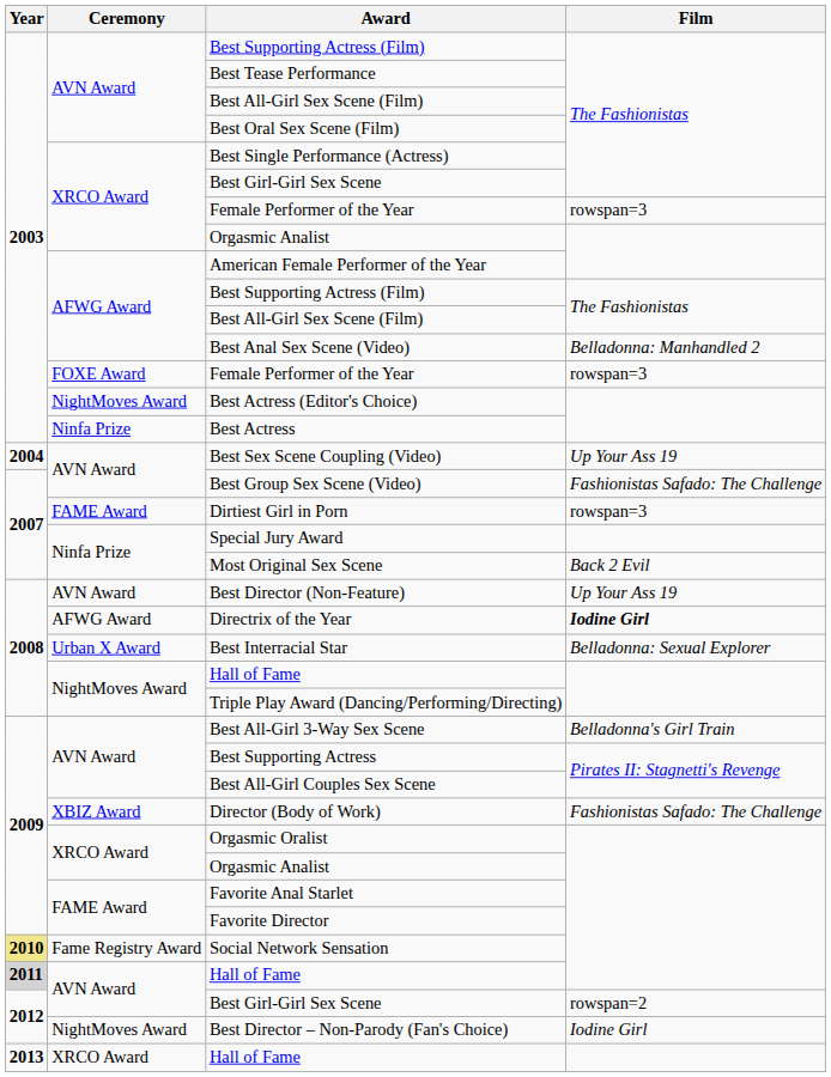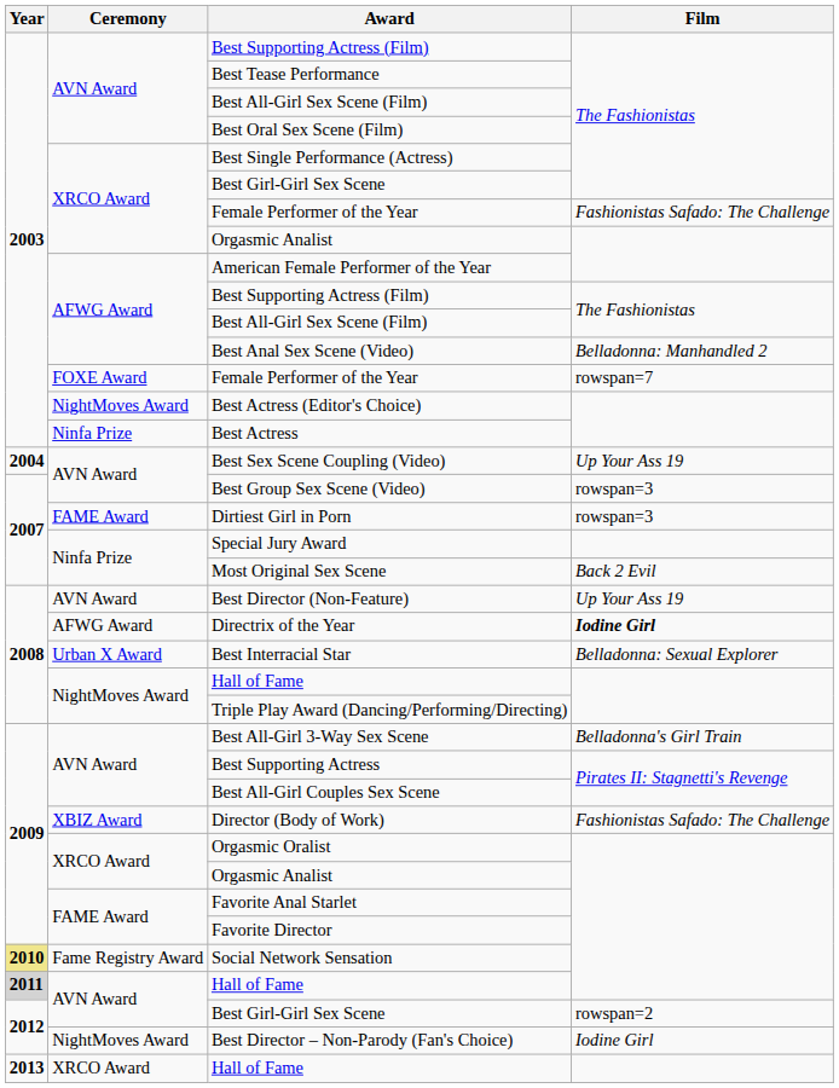 <table class="wikitable">
 <tr>
 <th>Year</th>
 <th>Ceremony</th>
 <th>Award<br></th>
 <th>Film</th>
 </tr>
 <tr>
 <td rowspan=15><strong>2003</strong></td>
 <td rowspan=4><a href='#'>AVN Award</a></td>
 <td><a href='#'>Best Supporting Actress (Film)</a></td>
 <td rowspan=6><em><a href='#'>The Fashionistas</a></em></td>
 </tr>
 <tr>
 <td>Best Tease Performance</td>
 </tr>
 <tr>
 <td>Best All-Girl Sex Scene (Film) </td>
 </tr>
 <tr>
 <td>Best Oral Sex Scene (Film) </td>
 </tr>
 <tr>
 <td rowspan=4><a href='#'>XRCO Award</a></td>
 <td>Best Single Performance (Actress)</td>
 </tr>
 <tr>
 <td>Best Girl-Girl Sex Scene </td>
 </tr>
 <tr>
 <td>Female Performer of the Year</td>
-<td>rowspan=3 </td>
+<td><em>Fashionistas Safado: The Challenge</em></td>
 </tr>
 <tr>
 <td>Orgasmic Analist</td>
 </tr>
 <tr>
 <td rowspan=4><a href='#'>AFWG Award</a></td>
 <td>American Female Performer of the Year</td>
 </tr>
 <tr>
 <td>Best Supporting Actress (Film)</td>
 <td rowspan=2><em>The Fashionistas</em></td>
 </tr>
 <tr>
 <td>Best All-Girl Sex Scene (Film) </td>
 </tr>
 <tr>
 <td>Best Anal Sex Scene (Video) </td>
 <td><em>Belladonna: Manhandled 2</em></td>
 </tr>
 <tr>
 <td><a href='#'>FOXE Award</a></td>
 <td>Female Performer of the Year</td>
-<td>rowspan=3 </td>
+<td>rowspan=7 </td>
 </tr>
 <tr>
 <td><a href='#'>NightMoves Award</a></td>
 <td>Best Actress (Editor's Choice)</td>
 </tr>
 <tr>
 <td><a href='#'>Ninfa Prize</a></td>
 <td>Best Actress</td>
 </tr>
 <tr>
 <td><strong>2004</strong></td>
 <td rowspan=2>AVN Award</td>
 <td>Best Sex Scene Coupling (Video) </td>
 <td><em>Up Your Ass 19</em></td>
 </tr>
 <tr>
 <td rowspan=4><strong>2007</strong></td>
 <td>Best Group Sex Scene (Video) </td>
-<td><em>Fashionistas Safado: The Challenge</em></td>
+<td>rowspan=3 </td>
 </tr>
 <tr>
 <td><a href='#'>FAME Award</a></td>
 <td>Dirtiest Girl in Porn</td>
 <td>rowspan=3 </td>
 </tr>
 <tr>
 <td rowspan=2>Ninfa Prize</td>
 <td>Special Jury Award</td>
 </tr>
 <tr>
 <td>Most Original Sex Scene</td>
 <td><em>Back 2 Evil</em></td>
 </tr>
 <tr>
 <td rowspan=5><strong>2008</strong></td>
 <td>AVN Award</td>
 <td>Best Director (Non-Feature)</td>
 <td><em>Up Your Ass 19</em></td>
 </tr>
 <tr>
 <td>AFWG Award</td>
 <td>Directrix of the Year</td>
 <td><strong><em>Iodine Girl</em></strong></td>
 </tr>
 <tr>
 <td><a href='#'>Urban X Award</a></td>
 <td>Best Interracial Star</td>
 <td><em>Belladonna: Sexual Explorer</em></td>
 </tr>
 <tr>
 <td rowspan=2>NightMoves Award</td>
 <td><a href='#'>Hall of Fame</a></td>
 </tr>
 <tr>
 <td>Triple Play Award (Dancing/Performing/Directing)</td>
 </tr>
 <tr>
 <td rowspan=8><strong>2009</strong></td>
 <td rowspan=3>AVN Award</td>
 <td>Best All-Girl 3-Way Sex Scene </td>
 <td><em>Belladonna's Girl Train</em></td>
 </tr>
 <tr>
 <td>Best Supporting Actress</td>
 <td rowspan=2><em><a href='#'>Pirates II: Stagnetti's Revenge</a></em></td>
 </tr>
 <tr>
 <td>Best All-Girl Couples Sex Scene </td>
 </tr>
 <tr>
 <td><a href='#'>XBIZ Award</a></td>
 <td>Director (Body of Work)</td>
 <td><em>Fashionistas Safado: The Challenge</em></td>
 </tr>
 <tr>
 <td rowspan=2>XRCO Award</td>
 <td>Orgasmic Oralist</td>
 </tr>
 <tr>
 <td>Orgasmic Analist</td>
 </tr>
 <tr>
 <td rowspan=2>FAME Award</td>
 <td>Favorite Anal Starlet</td>
 </tr>
 <tr>
 <td>Favorite Director</td>
 </tr>
 <tr>
 <td style="background: khaki;"><strong>2010</strong></td>
 <td>Fame Registry Award</td>
 <td>Social Network Sensation</td>
 </tr>
 <tr>
 <td style="background: lightgrey;"><strong>2011</strong></td>
 <td rowspan=2>AVN Award</td>
 <td><a href='#'>Hall of Fame</a></td>
 </tr>
 <tr>
 <td rowspan=2><strong>2012</strong></td>
 <td>Best Girl-Girl Sex Scene </td>
 <td>rowspan=2 </td>
 </tr>
 <tr>
 <td>NightMoves Award</td>
 <td>Best Director – Non-Parody (Fan's Choice)</td>
 <td><em>Iodine Girl</em></td>
 </tr>
 <tr>
 <td><strong>2013</strong></td>
 <td>XRCO Award</td>
 <td><a href='#'>Hall of Fame</a></td>
 </tr>
 </table>
